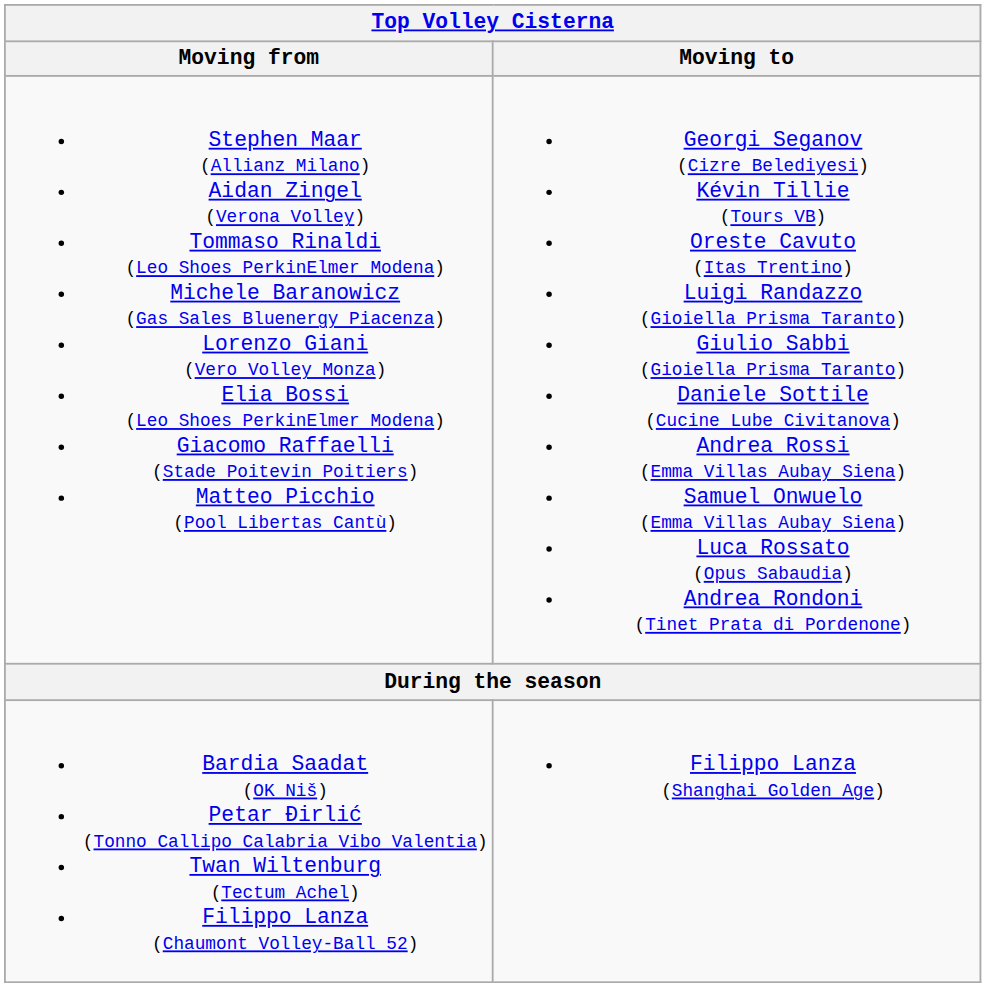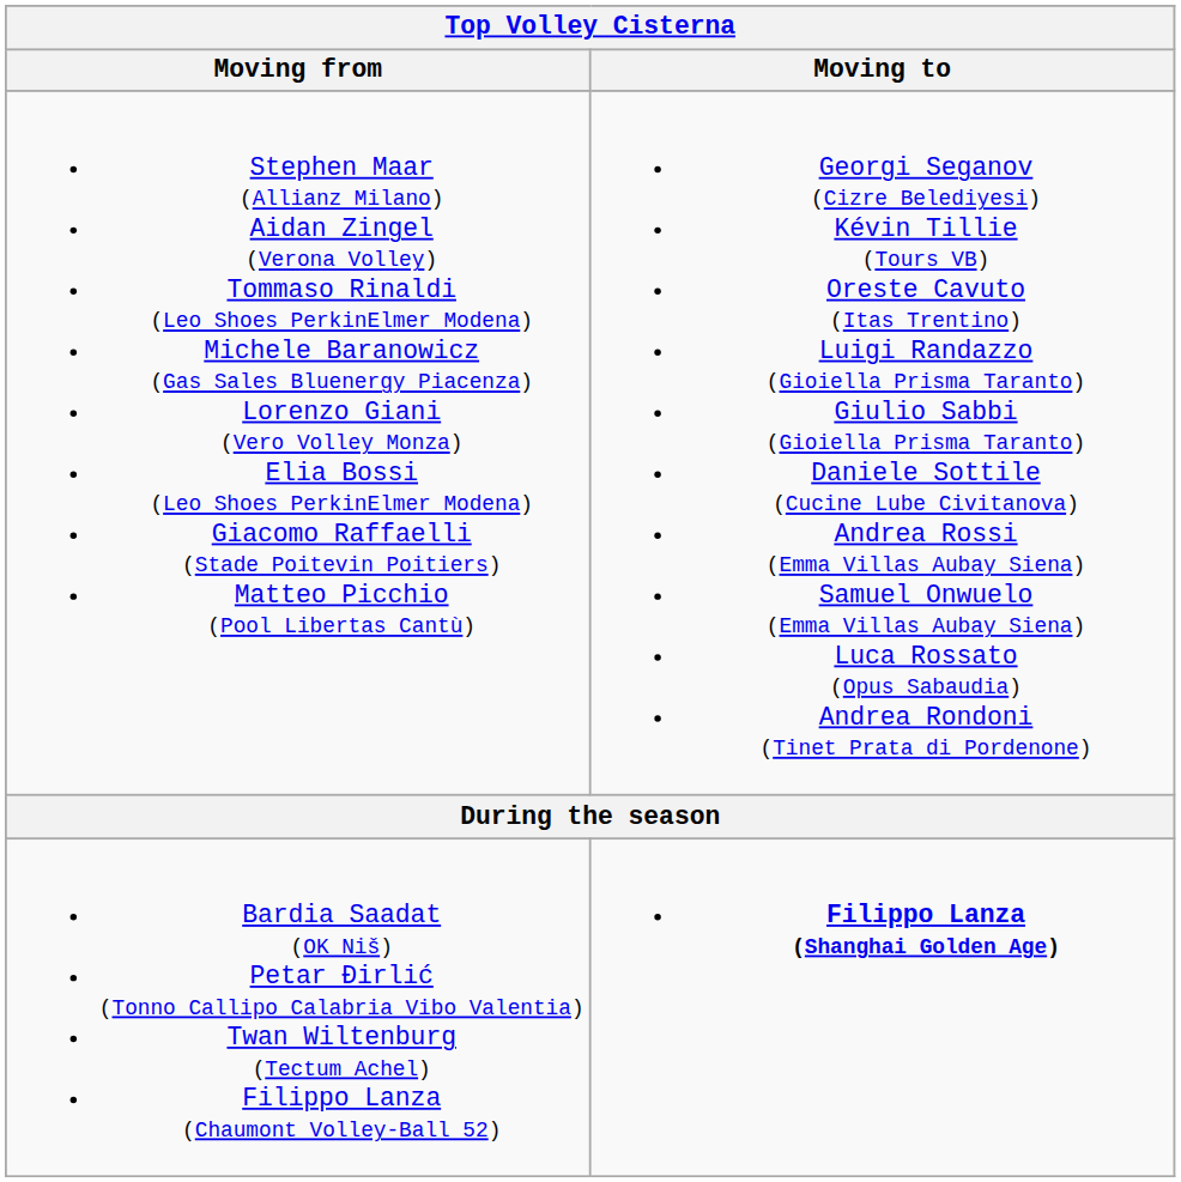 <table class="wikitable collapsible collapsed" style="font-size:90%; text-align:center">
 <tr>
 <th colspan=2 style="width:30em"><a href='#'>Top Volley Cisterna</a></th>
 </tr>
 <tr>
 <th width="50%">Moving from</th>
 <th width="50%">Moving to</th>
 </tr>
 <tr>
 <td valign=top><br><ul><li> <a href='#'>Stephen Maar</a><br><small>(<a href='#'>Allianz Milano</a>)</small></li><li> <a href='#'>Aidan Zingel</a><br><small>(<a href='#'>Verona Volley</a>)</small></li><li> <a href='#'>Tommaso Rinaldi</a><br><small>(<a href='#'>Leo Shoes PerkinElmer Modena</a>)</small></li><li> <a href='#'>Michele Baranowicz</a><br><small>(<a href='#'>Gas Sales Bluenergy Piacenza</a>)</small></li><li> <a href='#'>Lorenzo Giani</a><br><small>(<a href='#'>Vero Volley Monza</a>)</small></li><li> <a href='#'>Elia Bossi</a><br><small>(<a href='#'>Leo Shoes PerkinElmer Modena</a>)</small></li><li> <a href='#'>Giacomo Raffaelli</a><br><small>(<a href='#'>Stade Poitevin Poitiers</a>)</small></li><li> <a href='#'>Matteo Picchio</a><br><small>(<a href='#'>Pool Libertas Cantù</a>)</small></li></ul></td>
 <td valign=top><br><ul><li> <a href='#'>Georgi Seganov</a><br><small>(<a href='#'>Cizre Belediyesi</a>)</small></li><li> <a href='#'>Kévin Tillie</a><br><small>(<a href='#'>Tours VB</a>)</small></li><li> <a href='#'>Oreste Cavuto</a><br><small>(<a href='#'>Itas Trentino</a>)</small></li><li> <a href='#'>Luigi Randazzo</a><br><small>(<a href='#'>Gioiella Prisma Taranto</a>)</small></li><li> <a href='#'>Giulio Sabbi</a><br><small>(<a href='#'>Gioiella Prisma Taranto</a>)</small></li><li> <a href='#'>Daniele Sottile</a><br><small>(<a href='#'>Cucine Lube Civitanova</a>)</small></li><li> <a href='#'>Andrea Rossi</a><br><small>(<a href='#'>Emma Villas Aubay Siena</a>)</small></li><li> <a href='#'>Samuel Onwuelo</a><br><small>(<a href='#'>Emma Villas Aubay Siena</a>)</small></li><li> <a href='#'>Luca Rossato</a><br><small>(<a href='#'>Opus Sabaudia</a>)</small></li><li> <a href='#'>Andrea Rondoni</a><br><small>(<a href='#'>Tinet Prata di Pordenone</a>)</small></li></ul></td>
 </tr>
 <tr>
 <th colspan=2>During the season</th>
 </tr>
 <tr>
 <td valign=top><br><ul><li> <a href='#'>Bardia Saadat</a><br><small>(<a href='#'>OK Niš</a>)</small></li><li> <a href='#'>Petar Đirlić</a><br><small>(<a href='#'>Tonno Callipo Calabria Vibo Valentia</a>)</small></li><li> <a href='#'>Twan Wiltenburg</a><br><small>(<a href='#'>Tectum Achel</a>)</small></li><li> <a href='#'>Filippo Lanza</a><br><small>(<a href='#'>Chaumont Volley-Ball 52</a>)</small></li></ul></td>
-<td valign=top><br><ul><li> <a href='#'>Filippo Lanza</a><br><small>(<a href='#'>Shanghai Golden Age</a>)</small></li></ul></td>
+<td valign=top><strong><br><ul><li> <a href='#'>Filippo Lanza</a><br><small>(<a href='#'>Shanghai Golden Age</a>)</small></li></ul></strong></td>
 </tr>
 </table>
